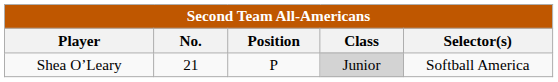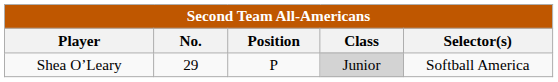 <table class="wikitable" style="text-align:center">
 <tr>
 <td colspan="5" style= "background: #BF5700; color:white"><strong>Second Team All-Americans</strong></td>
 </tr>
 <tr>
 <th style="width:150px; ">Player</th>
 <th style="width:70px; ">No.</th>
 <th style="width:90px; ">Position</th>
 <th style="width:80px; ">Class</th>
 <th style="width:150px; ">Selector(s)</th>
 </tr>
 <tr>
 <td>Shea O’Leary</td>
-<td>21</td>
+<td>29</td>
 <td>P</td>
 <td style="background: lightgrey;">Junior</td>
 <td>Softball America</td>
 </tr>
 </table>
